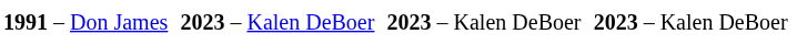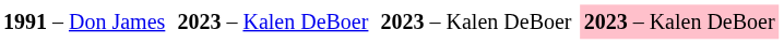 <table cellpadding="3" style="font-size:.9em">
 <tr>
 </tr>
 <tr>
 </tr>
 <tr style="vertical-align:top;">
 <td><strong>1991</strong> – <a href='#'>Don James</a></td>
 <td><strong>2023</strong> – <a href='#'>Kalen DeBoer</a></td>
 <td><strong>2023</strong> – Kalen DeBoer</td>
-<td><strong>2023</strong> – Kalen DeBoer</td>
+<td style="background: pink;"><strong>2023</strong> – Kalen DeBoer</td>
 </tr>
 </table>
